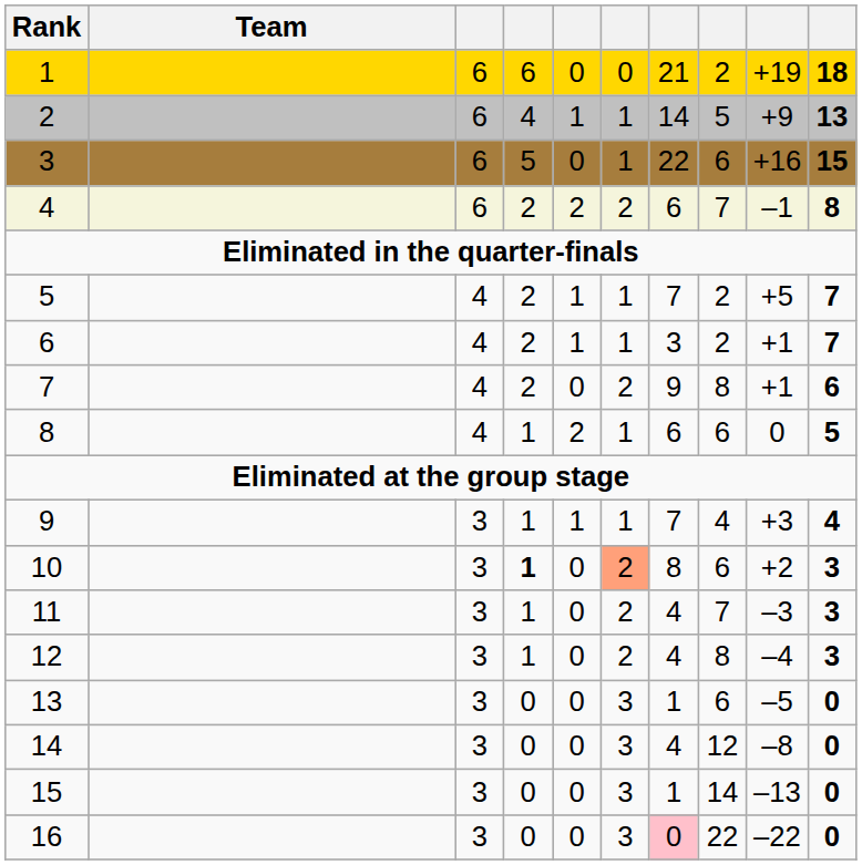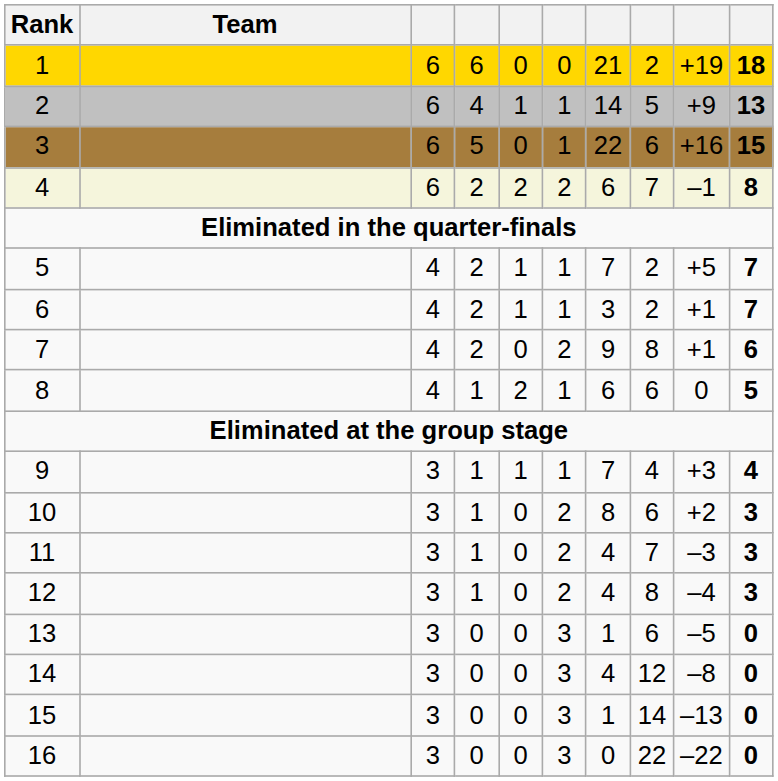 <table class="wikitable" style="text-align:center">
 <tr>
 <th width=20>Rank</th>
 <th width=200>Team</th>
 <th width="20"></th>
 <th width="20"></th>
 <th width="20"></th>
 <th width="20"></th>
 <th width="20"></th>
 <th width="20"></th>
 <th width="20"></th>
 <th width="20"></th>
 </tr>
 <tr style="background:gold;">
 <td>1</td>
 <td style="text-align:left;"></td>
 <td>6</td>
 <td>6</td>
 <td>0</td>
 <td>0</td>
 <td>21</td>
 <td>2</td>
 <td>+19</td>
 <td><strong>18</strong></td>
 </tr>
 <tr style="background:silver;">
 <td>2</td>
 <td style="text-align:left;"></td>
 <td>6</td>
 <td>4</td>
 <td>1</td>
 <td>1</td>
 <td>14</td>
 <td>5</td>
 <td>+9</td>
 <td><strong>13</strong></td>
 </tr>
 <tr style="background:#a67d3d;">
 <td>3</td>
 <td style="text-align:left;"></td>
 <td>6</td>
 <td>5</td>
 <td>0</td>
 <td>1</td>
 <td>22</td>
 <td>6</td>
 <td>+16</td>
 <td><strong>15</strong></td>
 </tr>
 <tr style="background:beige;">
 <td>4</td>
 <td style="text-align:left;"></td>
 <td>6</td>
 <td>2</td>
 <td>2</td>
 <td>2</td>
 <td>6</td>
 <td>7</td>
 <td>–1</td>
 <td><strong>8</strong></td>
 </tr>
 <tr>
 <td colspan="11"><strong>Eliminated in the quarter-finals</strong></td>
 </tr>
 <tr>
 <td>5</td>
 <td style="text-align:left;"></td>
 <td>4</td>
 <td>2</td>
 <td>1</td>
 <td>1</td>
 <td>7</td>
 <td>2</td>
 <td>+5</td>
 <td><strong>7</strong></td>
 </tr>
 <tr>
 <td>6</td>
 <td style="text-align:left;"></td>
 <td>4</td>
 <td>2</td>
 <td>1</td>
 <td>1</td>
 <td>3</td>
 <td>2</td>
 <td>+1</td>
 <td><strong>7</strong></td>
 </tr>
 <tr>
 <td>7</td>
 <td style="text-align:left;"></td>
 <td>4</td>
 <td>2</td>
 <td>0</td>
 <td>2</td>
 <td>9</td>
 <td>8</td>
 <td>+1</td>
 <td><strong>6</strong></td>
 </tr>
 <tr>
 <td>8</td>
 <td style="text-align:left;"></td>
 <td>4</td>
 <td>1</td>
 <td>2</td>
 <td>1</td>
 <td>6</td>
 <td>6</td>
 <td>0</td>
 <td><strong>5</strong></td>
 </tr>
 <tr>
 <td colspan="11"><strong>Eliminated at the group stage</strong></td>
 </tr>
 <tr>
 <td>9</td>
 <td style="text-align:left;"></td>
 <td>3</td>
 <td>1</td>
 <td>1</td>
 <td>1</td>
 <td>7</td>
 <td>4</td>
 <td>+3</td>
 <td><strong>4</strong></td>
 </tr>
 <tr>
 <td>10</td>
 <td style="text-align:left;"></td>
 <td>3</td>
-<td><strong>1</strong></td>
+<td>1</td>
 <td>0</td>
-<td style="background: lightsalmon;">2</td>
+<td>2</td>
 <td>8</td>
 <td>6</td>
 <td>+2</td>
 <td><strong>3</strong></td>
 </tr>
 <tr>
 <td>11</td>
 <td style="text-align:left;"></td>
 <td>3</td>
 <td>1</td>
 <td>0</td>
 <td>2</td>
 <td>4</td>
 <td>7</td>
 <td>–3</td>
 <td><strong>3</strong></td>
 </tr>
 <tr>
 <td>12</td>
 <td style="text-align:left;"></td>
 <td>3</td>
 <td>1</td>
 <td>0</td>
 <td>2</td>
 <td>4</td>
 <td>8</td>
 <td>–4</td>
 <td><strong>3</strong></td>
 </tr>
 <tr>
 <td>13</td>
 <td style="text-align:left;"></td>
 <td>3</td>
 <td>0</td>
 <td>0</td>
 <td>3</td>
 <td>1</td>
 <td>6</td>
 <td>–5</td>
 <td><strong>0</strong></td>
 </tr>
 <tr>
 <td>14</td>
 <td style="text-align:left;"></td>
 <td>3</td>
 <td>0</td>
 <td>0</td>
 <td>3</td>
 <td>4</td>
 <td>12</td>
 <td>–8</td>
 <td><strong>0</strong></td>
 </tr>
 <tr>
 <td>15</td>
 <td style="text-align:left;"></td>
 <td>3</td>
 <td>0</td>
 <td>0</td>
 <td>3</td>
 <td>1</td>
 <td>14</td>
 <td>–13</td>
 <td><strong>0</strong></td>
 </tr>
 <tr>
 <td>16</td>
 <td style="text-align:left;"></td>
 <td>3</td>
 <td>0</td>
 <td>0</td>
 <td>3</td>
-<td style="background: pink;">0</td>
+<td>0</td>
 <td>22</td>
 <td>–22</td>
 <td><strong>0</strong></td>
 </tr>
 </table>
